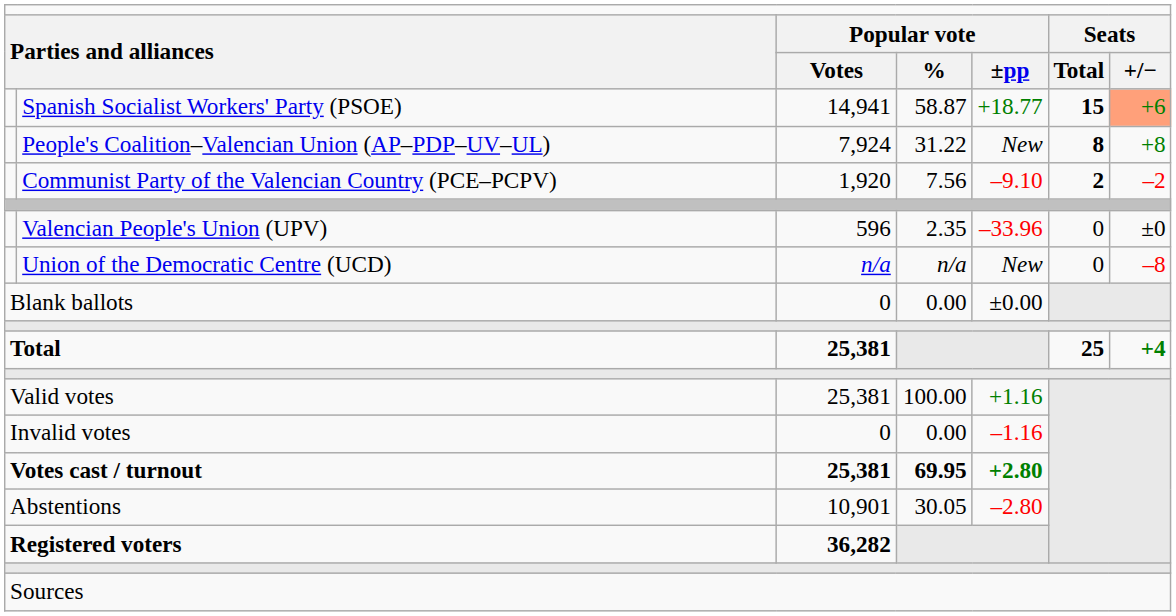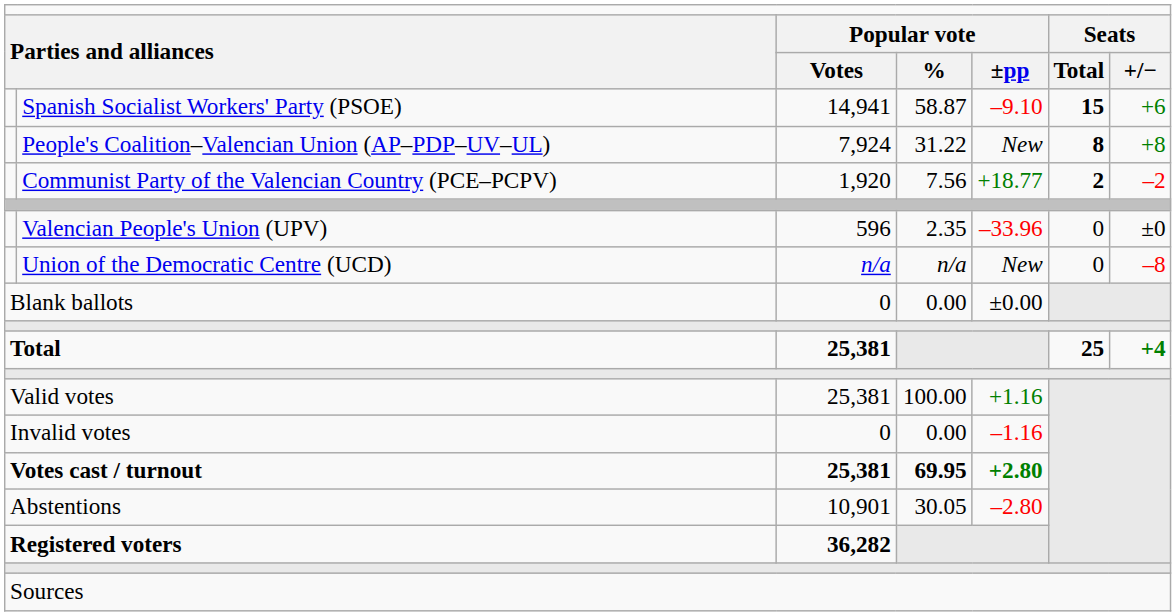 <table class="wikitable" style="text-align:right;">
 <tr>
 <td colspan="7"></td>
 </tr>
 <tr>
 <th style="text-align:left;" rowspan="2" colspan="2" width="525">Parties and alliances</th>
 <th colspan="3">Popular vote</th>
 <th colspan="2">Seats</th>
 </tr>
 <tr>
 <th width="75">Votes</th>
 <th width="45">%</th>
 <th width="45">±<a href='#'>pp</a></th>
 <th width="35">Total</th>
 <th width="35">+/−</th>
 </tr>
 <tr>
 <td width="1" style="color:inherit;background:"></td>
 <td align="left"><a href='#'>Spanish Socialist Workers' Party</a> (PSOE)</td>
 <td>14,941</td>
 <td>58.87</td>
-<td style="color:green;">+18.77</td>
+<td style="color:red;">–9.10</td>
 <td><strong>15</strong></td>
-<td style="background: lightsalmon; color:green;">+6</td>
+<td style="color:green;">+6</td>
 </tr>
 <tr>
 <td style="color:inherit;background:"></td>
 <td align="left"><a href='#'>People's Coalition</a>–<a href='#'>Valencian Union</a> (<a href='#'>AP</a>–<a href='#'>PDP</a>–<a href='#'>UV</a>–<a href='#'>UL</a>)</td>
 <td>7,924</td>
 <td>31.22</td>
 <td><em>New</em></td>
 <td><strong>8</strong></td>
 <td style="color:green;">+8</td>
 </tr>
 <tr>
 <td style="color:inherit;background:"></td>
 <td align="left"><a href='#'>Communist Party of the Valencian Country</a> (PCE–PCPV)</td>
 <td>1,920</td>
 <td>7.56</td>
-<td style="color:red;">–9.10</td>
+<td style="color:green;">+18.77</td>
 <td><strong>2</strong></td>
 <td style="color:red;">–2</td>
 </tr>
 <tr>
 <td colspan="7" bgcolor="#C0C0C0"></td>
 </tr>
 <tr>
 <td style="color:inherit;background:"></td>
 <td align="left"><a href='#'>Valencian People's Union</a> (UPV)</td>
 <td>596</td>
 <td>2.35</td>
 <td style="color:red;">–33.96</td>
 <td>0</td>
 <td>±0</td>
 </tr>
 <tr>
 <td style="color:inherit;background:"></td>
 <td align="left"><a href='#'>Union of the Democratic Centre</a> (UCD)</td>
 <td><em><a href='#'>n/a</a></em></td>
 <td><em>n/a</em></td>
 <td><em>New</em></td>
 <td>0</td>
 <td style="color:red;">–8</td>
 </tr>
 <tr>
 <td align="left" colspan="2">Blank ballots</td>
 <td>0</td>
 <td>0.00</td>
 <td>±0.00</td>
 <td bgcolor="#E9E9E9" colspan="2"></td>
 </tr>
 <tr>
 <td colspan="7" bgcolor="#E9E9E9"></td>
 </tr>
 <tr style="font-weight:bold;">
 <td align="left" colspan="2">Total</td>
 <td>25,381</td>
 <td bgcolor="#E9E9E9" colspan="2"></td>
 <td>25</td>
 <td style="color:green;">+4</td>
 </tr>
 <tr>
 <td colspan="7" bgcolor="#E9E9E9"></td>
 </tr>
 <tr>
 <td align="left" colspan="2">Valid votes</td>
 <td>25,381</td>
 <td>100.00</td>
 <td style="color:green;">+1.16</td>
 <td bgcolor="#E9E9E9" colspan="2" rowspan="5"></td>
 </tr>
 <tr>
 <td align="left" colspan="2">Invalid votes</td>
 <td>0</td>
 <td>0.00</td>
 <td style="color:red;">–1.16</td>
 </tr>
 <tr style="font-weight:bold;">
 <td align="left" colspan="2">Votes cast / turnout</td>
 <td>25,381</td>
 <td>69.95</td>
 <td style="color:green;">+2.80</td>
 </tr>
 <tr>
 <td align="left" colspan="2">Abstentions</td>
 <td>10,901</td>
 <td>30.05</td>
 <td style="color:red;">–2.80</td>
 </tr>
 <tr style="font-weight:bold;">
 <td align="left" colspan="2">Registered voters</td>
 <td>36,282</td>
 <td bgcolor="#E9E9E9" colspan="2"></td>
 </tr>
 <tr>
 <td colspan="7" bgcolor="#E9E9E9"></td>
 </tr>
 <tr>
 <td align="left" colspan="7">Sources</td>
 </tr>
 </table>
